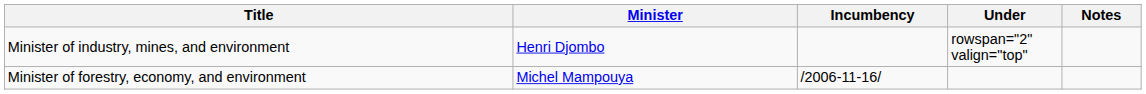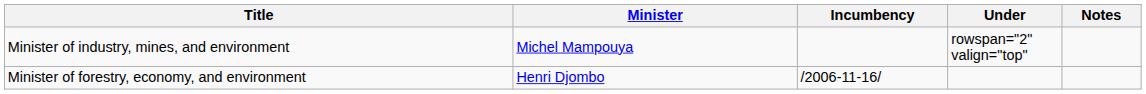 <table class="wikitable" style="width:100%;">
 <tr>
 <th>Title</th>
 <th style="width:25%;"><a href='#'>Minister</a></th>
 <th style="width:160px;">Incumbency</th>
 <th style="width:10%;">Under</th>
 <th style="width:7%;">Notes</th>
 </tr>
 <tr>
 <td>Minister of industry, mines, and environment</td>
-<td><a href='#'>Henri Djombo</a></td>
+<td><a href='#'>Michel Mampouya</a></td>
 <td></td>
 <td>rowspan="2" valign="top" </td>
 <td></td>
 </tr>
 <tr>
 <td>Minister of forestry, economy, and environment</td>
-<td><a href='#'>Michel Mampouya</a></td>
+<td><a href='#'>Henri Djombo</a></td>
 <td>/2006-11-16/</td>
 <td></td>
 </tr>
 </table>
